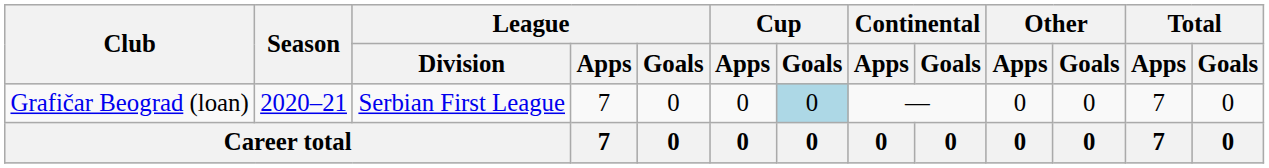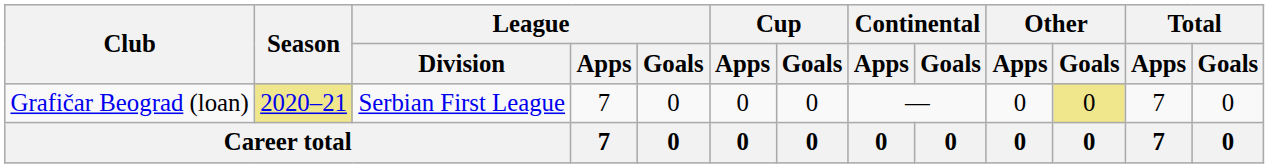 <table class="wikitable" style="text-align:center">
 <tr>
 <th rowspan="2">Club</th>
 <th rowspan="2">Season</th>
 <th colspan="3">League</th>
 <th colspan="2">Cup</th>
 <th colspan="2">Continental</th>
 <th colspan="2">Other</th>
 <th colspan="2">Total</th>
 </tr>
 <tr>
 <th>Division</th>
 <th>Apps</th>
 <th>Goals</th>
 <th>Apps</th>
 <th>Goals</th>
 <th>Apps</th>
 <th>Goals</th>
 <th>Apps</th>
 <th>Goals</th>
 <th>Apps</th>
 <th>Goals</th>
 </tr>
 <tr>
 <td><a href='#'>Grafičar Beograd</a> (loan)</td>
-<td><a href='#'>2020–21</a></td>
+<td style="background: khaki;"><a href='#'>2020–21</a></td>
 <td><a href='#'>Serbian First League</a></td>
 <td>7</td>
 <td>0</td>
 <td>0</td>
-<td style="background: lightblue;">0</td>
+<td>0</td>
 <td colspan="2">—</td>
 <td>0</td>
-<td>0</td>
+<td style="background: khaki;">0</td>
 <td>7</td>
 <td>0</td>
 </tr>
 <tr>
 <th colspan="3">Career total</th>
 <th>7</th>
 <th>0</th>
 <th>0</th>
 <th>0</th>
 <th>0</th>
 <th>0</th>
 <th>0</th>
 <th>0</th>
 <th>7</th>
 <th>0</th>
 </tr>
 </table>
